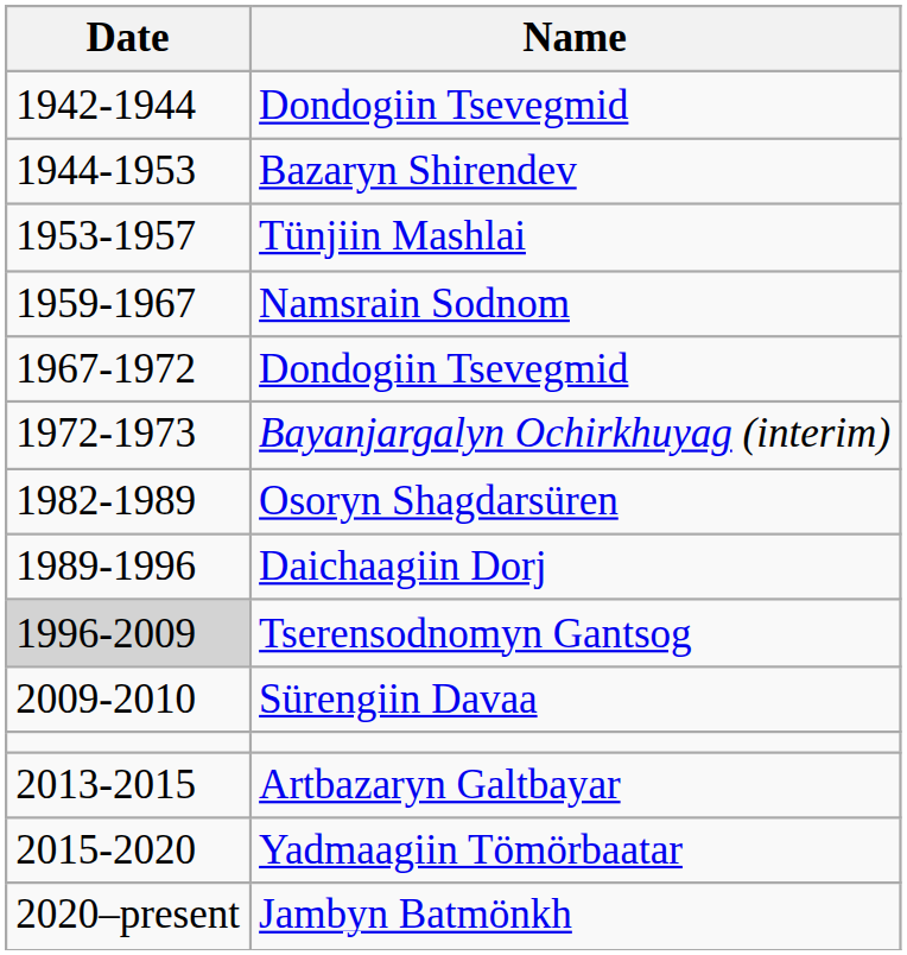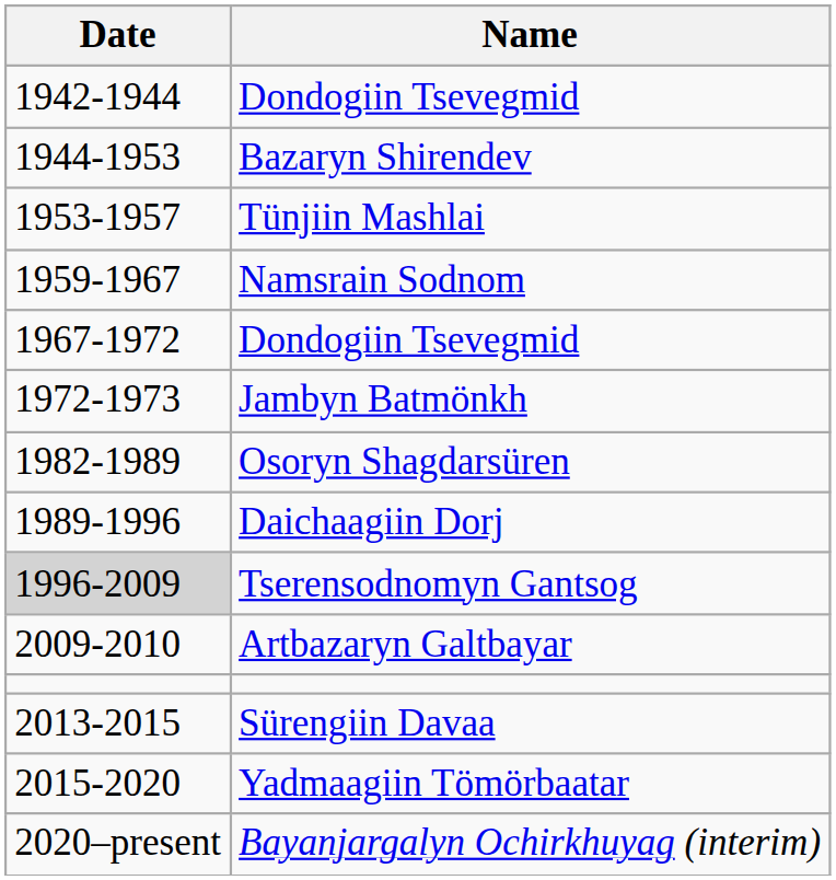 <table class="wikitable">
 <tr>
 <th>Date</th>
 <th>Name</th>
 </tr>
 <tr>
 <td>1942-1944</td>
 <td><a href='#'>Dondogiin Tsevegmid</a></td>
 </tr>
 <tr>
 <td>1944-1953</td>
 <td><a href='#'>Bazaryn Shirendev</a></td>
 </tr>
 <tr>
 <td>1953-1957</td>
 <td><a href='#'>Tünjiin Mashlai</a></td>
 </tr>
 <tr>
 <td>1959-1967</td>
 <td><a href='#'>Namsrain Sodnom</a></td>
 </tr>
 <tr>
 <td>1967-1972</td>
 <td><a href='#'>Dondogiin Tsevegmid</a></td>
 </tr>
 <tr>
 <td>1972-1973</td>
-<td><em><a href='#'>Bayanjargalyn Ochirkhuyag</a> (interim)</em></td>
+<td><a href='#'>Jambyn Batmönkh</a></td>
 </tr>
 <tr>
 <td>1982-1989</td>
 <td><a href='#'>Osoryn Shagdarsüren</a></td>
 </tr>
 <tr>
 <td>1989-1996</td>
 <td><a href='#'>Daichaagiin Dorj</a></td>
 </tr>
 <tr>
 <td style="background: lightgrey;">1996-2009</td>
 <td><a href='#'>Tserensodnomyn Gantsog</a></td>
 </tr>
 <tr>
 <td>2009-2010</td>
-<td><a href='#'>Sürengiin Davaa</a></td>
+<td><a href='#'>Artbazaryn Galtbayar</a></td>
 </tr>
 <tr>
 <td></td>
 </tr>
 <tr>
 <td>2013-2015</td>
-<td><a href='#'>Artbazaryn Galtbayar</a></td>
+<td><a href='#'>Sürengiin Davaa</a></td>
 </tr>
 <tr>
 <td>2015-2020</td>
 <td><a href='#'>Yadmaagiin Tömörbaatar</a></td>
 </tr>
 <tr>
 <td>2020–present</td>
-<td><a href='#'>Jambyn Batmönkh</a></td>
+<td><em><a href='#'>Bayanjargalyn Ochirkhuyag</a> (interim)</em></td>
 </tr>
 </table>
